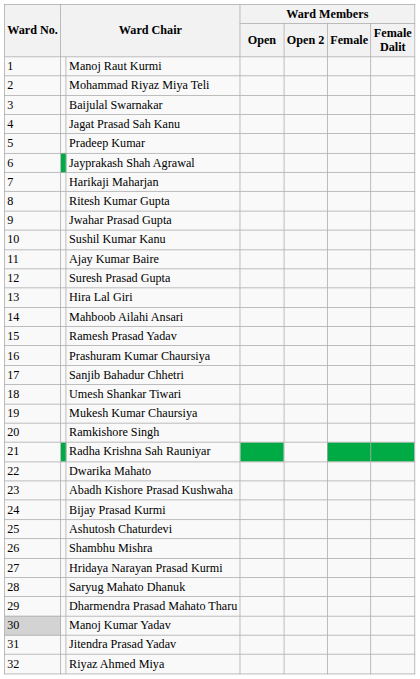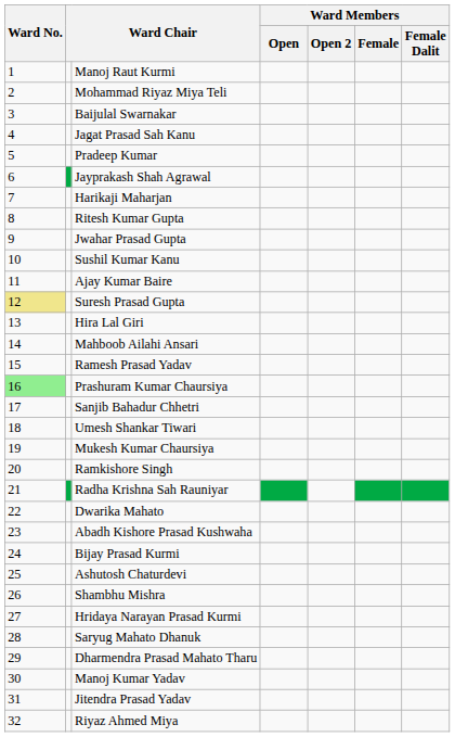 <table class="wikitable">
 <tr>
 <th rowspan="2">Ward No.</th>
 <th colspan="2" rowspan="2">Ward Chair</th>
 <th colspan="4">Ward Members</th>
 </tr>
 <tr>
 <th width="50px">Open</th>
 <th width="50px">Open 2</th>
 <th width="50px">Female</th>
 <th width="50px">Female Dalit</th>
 </tr>
 <tr>
 <td>1</td>
 <td style="background-color:"></td>
 <td>Manoj Raut Kurmi</td>
 <td style="background-color:"></td>
 <td style="background-color:"></td>
 <td style="background-color:"></td>
 <td style="background-color:"></td>
 </tr>
 <tr>
 <td>2</td>
 <td style="background-color:"></td>
 <td>Mohammad Riyaz Miya Teli</td>
 <td style="background-color:"></td>
 <td style="background-color:"></td>
 <td style="background-color:"></td>
 <td style="background-color:"></td>
 </tr>
 <tr>
 <td>3</td>
 <td style="background-color:"></td>
 <td>Baijulal Swarnakar</td>
 <td style="background-color:"></td>
 <td style="background-color:"></td>
 <td style="background-color:"></td>
 <td style="background-color:"></td>
 </tr>
 <tr>
 <td>4</td>
 <td style="background-color:"></td>
 <td>Jagat Prasad Sah Kanu</td>
 <td style="background-color:"></td>
 <td style="background-color:"></td>
 <td style="background-color:"></td>
 <td style="background-color:"></td>
 </tr>
 <tr>
 <td>5</td>
 <td style="background-color:"></td>
 <td>Pradeep Kumar</td>
 <td style="background-color:"></td>
 <td style="background-color:"></td>
 <td style="background-color:"></td>
 <td style="background-color:"></td>
 </tr>
 <tr>
 <td>6</td>
 <td style="background-color:#00aa44;"></td>
 <td>Jayprakash Shah Agrawal</td>
 <td style="background-color:"></td>
 <td style="background-color:"></td>
 <td style="background-color:"></td>
 <td style="background-color:"></td>
 </tr>
 <tr>
 <td>7</td>
 <td style="background-color:"></td>
 <td>Harikaji Maharjan</td>
 <td style="background-color:"></td>
 <td style="background-color:"></td>
 <td style="background-color:"></td>
 <td style="background-color:"></td>
 </tr>
 <tr>
 <td>8</td>
 <td style="background-color:"></td>
 <td>Ritesh Kumar Gupta</td>
 <td style="background-color:"></td>
 <td style="background-color:"></td>
 <td style="background-color:"></td>
 <td style="background-color:"></td>
 </tr>
 <tr>
 <td>9</td>
 <td style="background-color:"></td>
 <td>Jwahar Prasad Gupta</td>
 <td style="background-color:"></td>
 <td style="background-color:"></td>
 <td style="background-color:"></td>
 <td style="background-color:"></td>
 </tr>
 <tr>
 <td>10</td>
 <td style="background-color:"></td>
 <td>Sushil Kumar Kanu</td>
 <td style="background-color:"></td>
 <td style="background-color:"></td>
 <td style="background-color:"></td>
 <td style="background-color:"></td>
 </tr>
 <tr>
 <td>11</td>
 <td style="background-color:"></td>
 <td>Ajay Kumar Baire</td>
 <td style="background-color:"></td>
 <td style="background-color:"></td>
 <td style="background-color:"></td>
 <td style="background-color:"></td>
 </tr>
 <tr>
-<td>12</td>
+<td style="background: khaki;">12</td>
 <td style="background-color:"></td>
 <td>Suresh Prasad Gupta</td>
 <td style="background-color:"></td>
 <td style="background-color:"></td>
 <td style="background-color:"></td>
 <td style="background-color:"></td>
 </tr>
 <tr>
 <td>13</td>
 <td style="background-color:"></td>
 <td>Hira Lal Giri</td>
 <td style="background-color:"></td>
 <td style="background-color:"></td>
 <td style="background-color:"></td>
 <td style="background-color:"></td>
 </tr>
 <tr>
 <td>14</td>
 <td style="background-color:"></td>
 <td>Mahboob Ailahi Ansari</td>
 <td style="background-color:"></td>
 <td style="background-color:"></td>
 <td style="background-color:"></td>
 <td style="background-color:"></td>
 </tr>
 <tr>
 <td>15</td>
 <td style="background-color:"></td>
 <td>Ramesh Prasad Yadav</td>
 <td style="background-color:"></td>
 <td style="background-color:"></td>
 <td style="background-color:"></td>
 <td style="background-color:"></td>
 </tr>
 <tr>
-<td>16</td>
+<td style="background: lightgreen;">16</td>
 <td style="background-color:"></td>
 <td>Prashuram Kumar Chaursiya</td>
 <td style="background-color:"></td>
 <td style="background-color:"></td>
 <td style="background-color:"></td>
 <td style="background-color:"></td>
 </tr>
 <tr>
 <td>17</td>
 <td style="background-color:"></td>
 <td>Sanjib Bahadur Chhetri</td>
 <td style="background-color:"></td>
 <td style="background-color:"></td>
 <td style="background-color:"></td>
 <td style="background-color:"></td>
 </tr>
 <tr>
 <td>18</td>
 <td style="background-color:"></td>
 <td>Umesh Shankar Tiwari</td>
 <td style="background-color:"></td>
 <td style="background-color:"></td>
 <td style="background-color:"></td>
 <td style="background-color:"></td>
 </tr>
 <tr>
 <td>19</td>
 <td style="background-color:"></td>
 <td>Mukesh Kumar Chaursiya</td>
 <td style="background-color:"></td>
 <td style="background-color:"></td>
 <td style="background-color:"></td>
 <td style="background-color:"></td>
 </tr>
 <tr>
 <td>20</td>
 <td style="background-color:"></td>
 <td>Ramkishore Singh</td>
 <td style="background-color:"></td>
 <td style="background-color:"></td>
 <td style="background-color:"></td>
 <td style="background-color:"></td>
 </tr>
 <tr>
 <td>21</td>
 <td style="background-color:#00aa44;"></td>
 <td>Radha Krishna Sah Rauniyar</td>
 <td style="background-color:#00aa44;"></td>
 <td style="background-color:"></td>
 <td style="background-color:#00aa44;"></td>
 <td style="background-color:#00aa44;"></td>
 </tr>
 <tr>
 <td>22</td>
 <td style="background-color:"></td>
 <td>Dwarika Mahato</td>
 <td style="background-color:"></td>
 <td style="background-color:"></td>
 <td style="background-color:"></td>
 <td style="background-color:"></td>
 </tr>
 <tr>
 <td>23</td>
 <td style="background-color:"></td>
 <td>Abadh Kishore Prasad Kushwaha</td>
 <td style="background-color:"></td>
 <td style="background-color:"></td>
 <td style="background-color:"></td>
 <td style="background-color:"></td>
 </tr>
 <tr>
 <td>24</td>
 <td style="background-color:"></td>
 <td>Bijay Prasad Kurmi</td>
 <td style="background-color:"></td>
 <td style="background-color:"></td>
 <td style="background-color:"></td>
 <td style="background-color:"></td>
 </tr>
 <tr>
 <td>25</td>
 <td style="background-color:"></td>
 <td>Ashutosh Chaturdevi</td>
 <td style="background-color:"></td>
 <td style="background-color:"></td>
 <td style="background-color:"></td>
 <td style="background-color:"></td>
 </tr>
 <tr>
 <td>26</td>
 <td style="background-color:"></td>
 <td>Shambhu Mishra</td>
 <td style="background-color:"></td>
 <td style="background-color:"></td>
 <td style="background-color:"></td>
 <td style="background-color:"></td>
 </tr>
 <tr>
 <td>27</td>
 <td style="background-color:"></td>
 <td>Hridaya Narayan Prasad Kurmi</td>
 <td style="background-color:"></td>
 <td style="background-color:"></td>
 <td style="background-color:"></td>
 <td style="background-color:"></td>
 </tr>
 <tr>
 <td>28</td>
 <td style="background-color:"></td>
 <td>Saryug Mahato Dhanuk</td>
 <td style="background-color:"></td>
 <td style="background-color:"></td>
 <td style="background-color:"></td>
 <td style="background-color:"></td>
 </tr>
 <tr>
 <td>29</td>
 <td style="background-color:"></td>
 <td>Dharmendra Prasad Mahato Tharu</td>
 <td style="background-color:"></td>
 <td style="background-color:"></td>
 <td style="background-color:"></td>
 <td style="background-color:"></td>
 </tr>
 <tr>
-<td style="background: lightgrey;">30</td>
+<td>30</td>
 <td style="background-color:"></td>
 <td>Manoj Kumar Yadav</td>
 <td style="background-color:"></td>
 <td style="background-color:"></td>
 <td style="background-color:"></td>
 <td style="background-color:"></td>
 </tr>
 <tr>
 <td>31</td>
 <td style="background-color:"></td>
 <td>Jitendra Prasad Yadav</td>
 <td style="background-color:"></td>
 <td style="background-color:"></td>
 <td style="background-color:"></td>
 <td style="background-color:"></td>
 </tr>
 <tr>
 <td>32</td>
 <td style="background-color:"></td>
 <td>Riyaz Ahmed Miya</td>
 <td style="background-color:"></td>
 <td style="background-color:"></td>
 <td style="background-color:"></td>
 <td style="background-color:"></td>
 </tr>
 </table>
